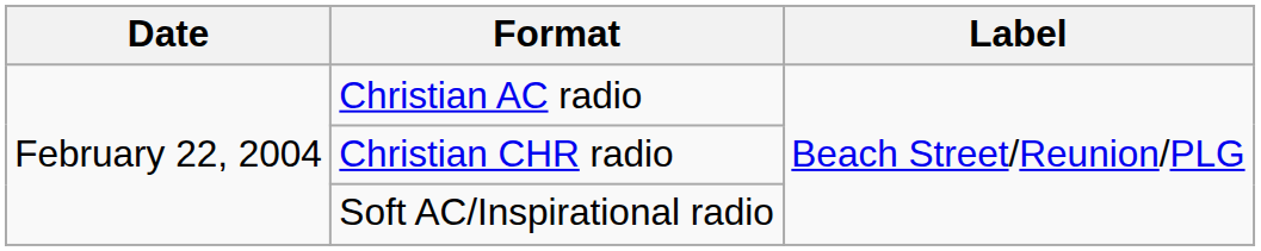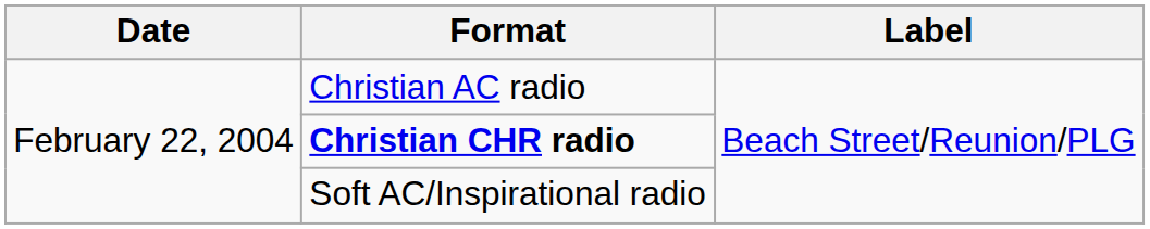 <table class="wikitable sortable plainrowheaders">
 <tr>
 <th scope="col">Date</th>
 <th scope="col">Format</th>
 <th scope="col">Label</th>
 </tr>
 <tr>
 <td rowspan="3">February 22, 2004</td>
 <td><a href='#'>Christian AC</a> radio</td>
 <td rowspan="3"><a href='#'>Beach Street</a>/<a href='#'>Reunion</a>/<a href='#'>PLG</a></td>
 </tr>
 <tr>
-<td><a href='#'>Christian CHR</a> radio</td>
+<td><strong><a href='#'>Christian CHR</a> radio</strong></td>
 </tr>
 <tr>
 <td>Soft AC/Inspirational radio</td>
 </tr>
 </table>
